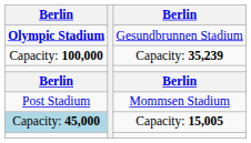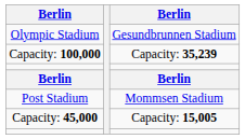 <table class="wikitable" style="margin:1em auto; text-align:center;">
 <tr>
 <th><a href='#'>Berlin</a></th>
 <th rowspan=12 colspan=2></th>
 <th><a href='#'>Berlin</a></th>
 </tr>
 <tr>
-<td><strong><a href='#'>Olympic Stadium</a></strong></td>
+<td><a href='#'>Olympic Stadium</a></td>
 <td><a href='#'>Gesundbrunnen Stadium</a></td>
 </tr>
 <tr>
 <td>Capacity: <strong>100,000</strong></td>
 <td>Capacity: <strong>35,239</strong></td>
 </tr>
 <tr>
 <td></td>
 <td></td>
 </tr>
 <tr>
 <th><a href='#'>Berlin</a></th>
 <th><a href='#'>Berlin</a></th>
 </tr>
 <tr>
 <td><a href='#'>Post Stadium</a></td>
 <td><a href='#'>Mommsen Stadium</a></td>
 </tr>
 <tr>
-<td style="background: lightblue;">Capacity: <strong>45,000</strong></td>
+<td>Capacity: <strong>45,000</strong></td>
 <td>Capacity: <strong>15,005</strong></td>
 </tr>
 <tr>
 <td></td>
 <td></td>
 </tr>
 </table>
